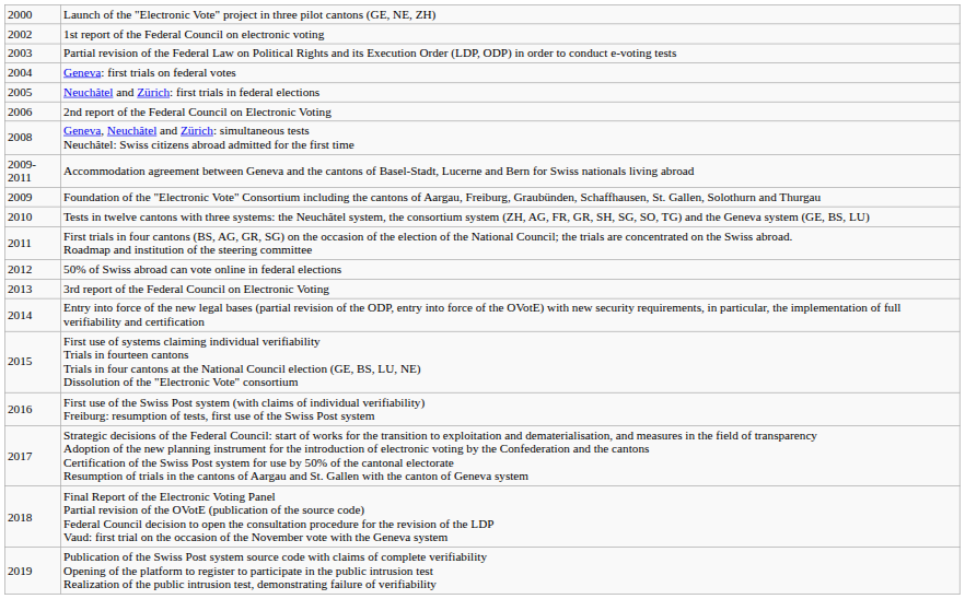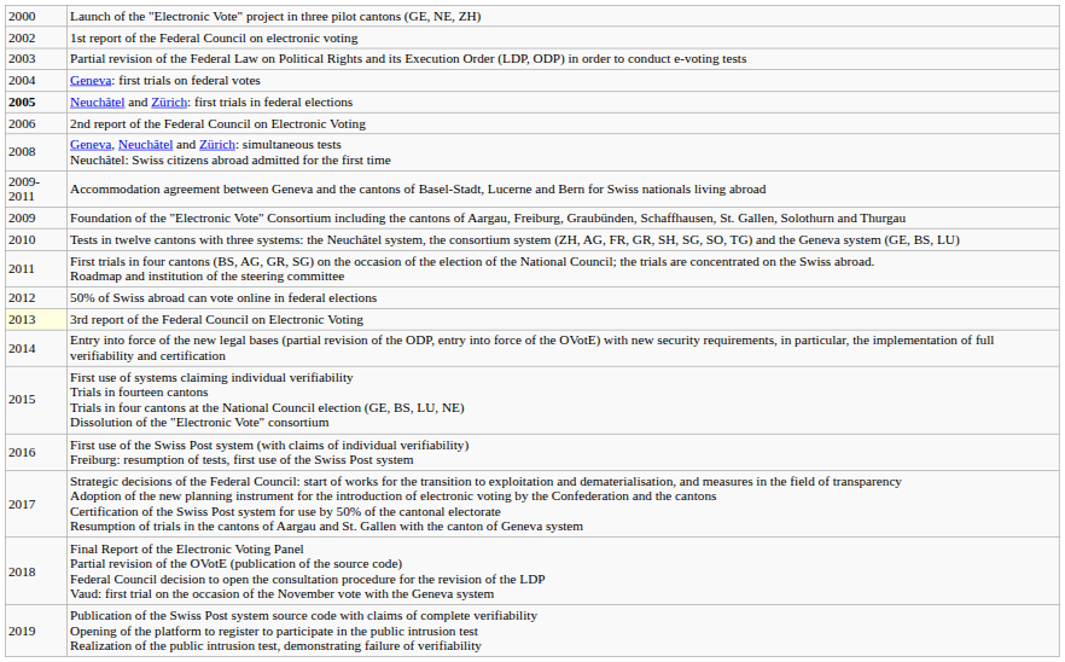 <table class="wikitable">
 <tr>
 <td>2000</td>
 <td>Launch of the "Electronic Vote" project in three pilot cantons (GE, NE, ZH)</td>
 </tr>
 <tr>
 <td>2002</td>
 <td>1st report of the Federal Council on electronic voting</td>
 </tr>
 <tr>
 <td>2003</td>
 <td>Partial revision of the Federal Law on Political Rights and its Execution Order (LDP, ODP) in order to conduct e-voting tests</td>
 </tr>
 <tr>
 <td>2004</td>
 <td><a href='#'>Geneva</a>: first trials on federal votes</td>
 </tr>
 <tr>
-<td>2005</td>
+<td><strong>2005</strong></td>
 <td><a href='#'>Neuchâtel</a> and <a href='#'>Zürich</a>: first trials in federal elections</td>
 </tr>
 <tr>
 <td>2006</td>
 <td>2nd report of the Federal Council on Electronic Voting</td>
 </tr>
 <tr>
 <td>2008</td>
 <td><a href='#'>Geneva</a>, <a href='#'>Neuchâtel</a> and <a href='#'>Zürich</a>: simultaneous tests<br>Neuchâtel: Swiss citizens abroad admitted for the first time</td>
 </tr>
 <tr>
 <td>2009-2011</td>
 <td>Accommodation agreement between Geneva and the cantons of Basel-Stadt, Lucerne and Bern for Swiss nationals living abroad</td>
 </tr>
 <tr>
 <td>2009</td>
 <td>Foundation of the "Electronic Vote" Consortium including the cantons of Aargau, Freiburg, Graubünden, Schaffhausen, St. Gallen, Solothurn and Thurgau</td>
 </tr>
 <tr>
 <td>2010</td>
 <td>Tests in twelve cantons with three systems: the Neuchâtel system, the consortium system (ZH, AG, FR, GR, SH, SG, SO, TG) and the Geneva system (GE, BS, LU)</td>
 </tr>
 <tr>
 <td>2011</td>
 <td>First trials in four cantons (BS, AG, GR, SG) on the occasion of the election of the National Council; the trials are concentrated on the Swiss abroad.<br>Roadmap and institution of the steering committee</td>
 </tr>
 <tr>
 <td>2012</td>
 <td>50% of Swiss abroad can vote online in federal elections</td>
 </tr>
 <tr>
-<td>2013</td>
+<td style="background: lightyellow;">2013</td>
 <td>3rd report of the Federal Council on Electronic Voting</td>
 </tr>
 <tr>
 <td>2014</td>
 <td>Entry into force of the new legal bases (partial revision of the ODP, entry into force of the OVotE) with new security requirements, in particular, the implementation of full verifiability and certification</td>
 </tr>
 <tr>
 <td>2015</td>
 <td>First use of systems claiming individual verifiability<br>Trials in fourteen cantons<br>Trials in four cantons at the National Council election (GE, BS, LU, NE)<br>Dissolution of the "Electronic Vote" consortium</td>
 </tr>
 <tr>
 <td>2016</td>
 <td>First use of the Swiss Post system (with claims of individual verifiability)<br>Freiburg: resumption of tests, first use of the Swiss Post system</td>
 </tr>
 <tr>
 <td>2017</td>
 <td>Strategic decisions of the Federal Council: start of works for the transition to exploitation and dematerialisation, and measures in the field of transparency<br>Adoption of the new planning instrument for the introduction of electronic voting by the Confederation and the cantons<br>Certification of the Swiss Post system for use by 50% of the cantonal electorate<br>Resumption of trials in the cantons of Aargau and St. Gallen with the canton of Geneva system</td>
 </tr>
 <tr>
 <td>2018</td>
 <td>Final Report of the Electronic Voting Panel<br>Partial revision of the OVotE (publication of the source code)<br>Federal Council decision to open the consultation procedure for the revision of the LDP<br>Vaud: first trial on the occasion of the November vote with the Geneva system</td>
 </tr>
 <tr>
 <td>2019</td>
 <td>Publication of the Swiss Post system source code with claims of complete verifiability<br>Opening of the platform to register to participate in the public intrusion test<br>Realization of the public intrusion test, demonstrating failure of verifiability</td>
 </tr>
 </table>
